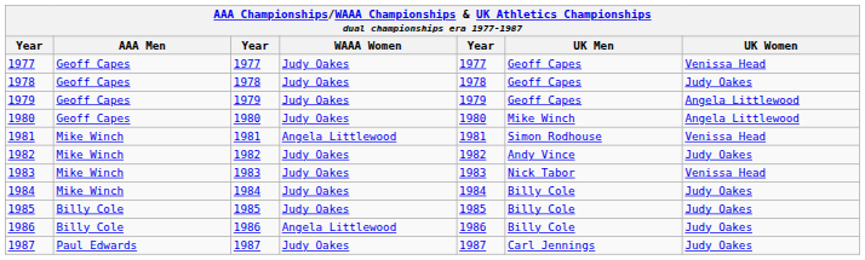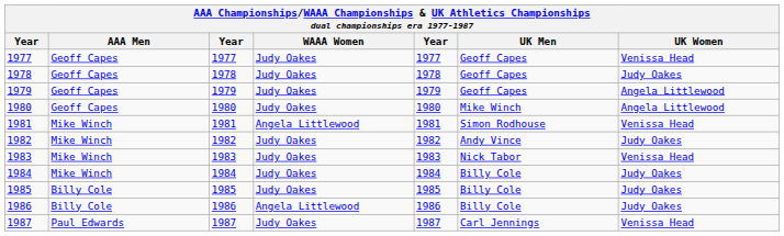 <table class="wikitable">
 <tr>
 <th colspan="7"><a href='#'>AAA Championships</a>/<a href='#'>WAAA Championships</a> & <a href='#'>UK Athletics Championships</a><br><em><small>dual championships era 1977-1987</small></em></th>
 </tr>
 <tr>
 <th width=50>Year</th>
 <th width=200>AAA Men</th>
 <th width=50>Year</th>
 <th width=200>WAAA Women</th>
 <th width=50>Year</th>
 <th width=200>UK Men</th>
 <th width=200>UK Women</th>
 </tr>
 <tr>
 <td><a href='#'>1977</a></td>
 <td><a href='#'>Geoff Capes</a></td>
 <td><a href='#'>1977</a></td>
 <td><a href='#'>Judy Oakes</a></td>
 <td><a href='#'>1977</a></td>
 <td><a href='#'>Geoff Capes</a></td>
 <td><a href='#'>Venissa Head</a></td>
 </tr>
 <tr>
 <td><a href='#'>1978</a></td>
 <td><a href='#'>Geoff Capes</a></td>
 <td><a href='#'>1978</a></td>
 <td><a href='#'>Judy Oakes</a></td>
 <td><a href='#'>1978</a></td>
 <td><a href='#'>Geoff Capes</a></td>
 <td><a href='#'>Judy Oakes</a></td>
 </tr>
 <tr>
 <td><a href='#'>1979</a></td>
 <td><a href='#'>Geoff Capes</a></td>
 <td><a href='#'>1979</a></td>
 <td><a href='#'>Judy Oakes</a></td>
 <td><a href='#'>1979</a></td>
 <td><a href='#'>Geoff Capes</a></td>
 <td><a href='#'>Angela Littlewood</a></td>
 </tr>
 <tr>
 <td><a href='#'>1980</a></td>
 <td><a href='#'>Geoff Capes</a></td>
 <td><a href='#'>1980</a></td>
 <td><a href='#'>Judy Oakes</a></td>
 <td><a href='#'>1980</a></td>
 <td><a href='#'>Mike Winch</a></td>
 <td><a href='#'>Angela Littlewood</a></td>
 </tr>
 <tr>
 <td><a href='#'>1981</a></td>
 <td><a href='#'>Mike Winch</a></td>
 <td><a href='#'>1981</a></td>
 <td><a href='#'>Angela Littlewood</a></td>
 <td><a href='#'>1981</a></td>
 <td><a href='#'>Simon Rodhouse</a></td>
 <td><a href='#'>Venissa Head</a></td>
 </tr>
 <tr>
 <td><a href='#'>1982</a></td>
 <td><a href='#'>Mike Winch</a></td>
 <td><a href='#'>1982</a></td>
 <td><a href='#'>Judy Oakes</a></td>
 <td><a href='#'>1982</a></td>
 <td><a href='#'>Andy Vince</a></td>
 <td><a href='#'>Judy Oakes</a></td>
 </tr>
 <tr>
 <td><a href='#'>1983</a></td>
 <td><a href='#'>Mike Winch</a></td>
 <td><a href='#'>1983</a></td>
 <td><a href='#'>Judy Oakes</a></td>
 <td><a href='#'>1983</a></td>
 <td><a href='#'>Nick Tabor</a></td>
 <td><a href='#'>Venissa Head</a></td>
 </tr>
 <tr>
 <td><a href='#'>1984</a></td>
 <td><a href='#'>Mike Winch</a></td>
 <td><a href='#'>1984</a></td>
 <td><a href='#'>Judy Oakes</a></td>
 <td><a href='#'>1984</a></td>
 <td><a href='#'>Billy Cole</a></td>
 <td><a href='#'>Judy Oakes</a></td>
 </tr>
 <tr>
 <td><a href='#'>1985</a></td>
 <td><a href='#'>Billy Cole</a></td>
 <td><a href='#'>1985</a></td>
 <td><a href='#'>Judy Oakes</a></td>
 <td><a href='#'>1985</a></td>
 <td><a href='#'>Billy Cole</a></td>
 <td><a href='#'>Judy Oakes</a></td>
 </tr>
 <tr>
 <td><a href='#'>1986</a></td>
 <td><a href='#'>Billy Cole</a></td>
 <td><a href='#'>1986</a></td>
 <td><a href='#'>Angela Littlewood</a></td>
 <td><a href='#'>1986</a></td>
 <td><a href='#'>Billy Cole</a></td>
 <td><a href='#'>Judy Oakes</a></td>
 </tr>
 <tr>
 <td><a href='#'>1987</a></td>
 <td><a href='#'>Paul Edwards</a></td>
 <td><a href='#'>1987</a></td>
 <td><a href='#'>Judy Oakes</a></td>
 <td><a href='#'>1987</a></td>
 <td><a href='#'>Carl Jennings</a></td>
-<td><a href='#'>Judy Oakes</a></td>
+<td><a href='#'>Venissa Head</a></td>
 </tr>
 </table>
